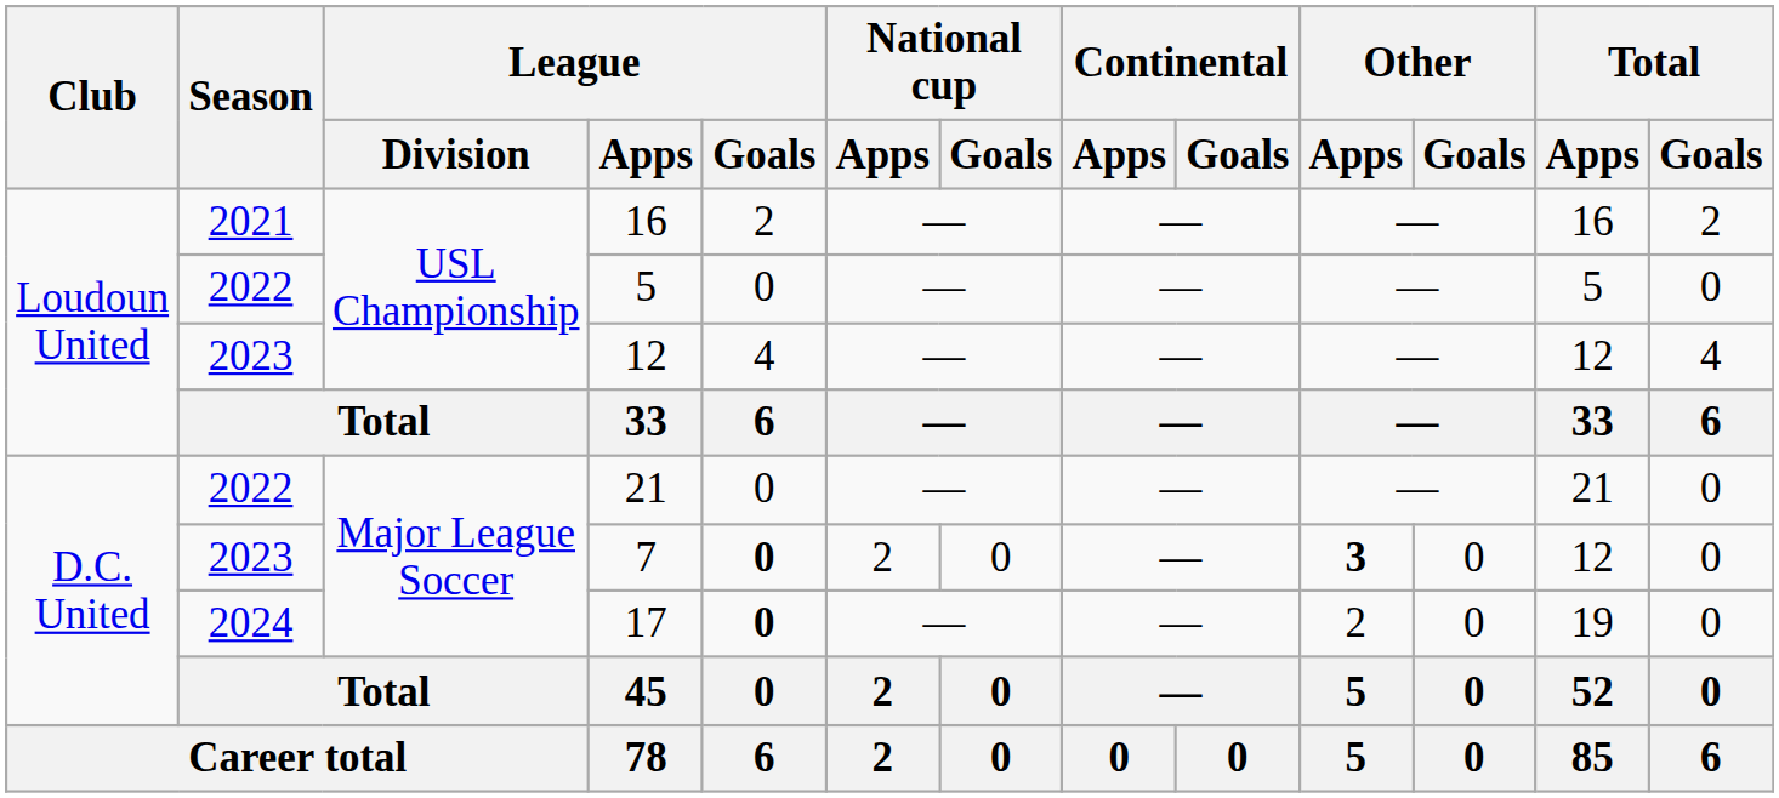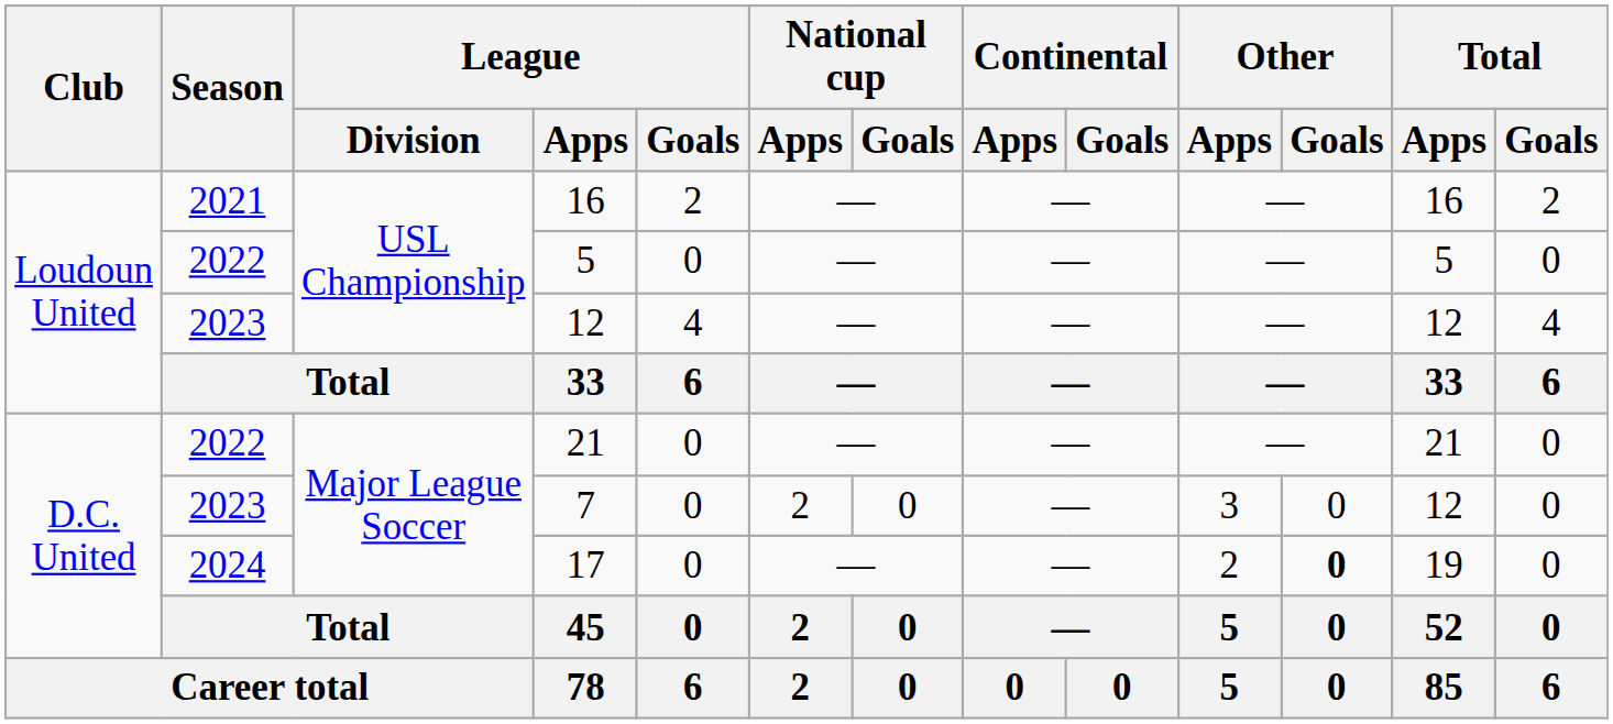 <table class=wikitable style=text-align:center>
 <tr>
 <th rowspan=2>Club</th>
 <th rowspan=2>Season</th>
 <th colspan=3>League</th>
 <th colspan=2>National cup</th>
 <th colspan=2>Continental</th>
 <th colspan=2>Other</th>
 <th colspan=2>Total</th>
 </tr>
 <tr>
 <th>Division</th>
 <th>Apps</th>
 <th>Goals</th>
 <th>Apps</th>
 <th>Goals</th>
 <th>Apps</th>
 <th>Goals</th>
 <th>Apps</th>
 <th>Goals</th>
 <th>Apps</th>
 <th>Goals</th>
 </tr>
 <tr>
 <td rowspan="4"><a href='#'>Loudoun United</a></td>
 <td><a href='#'>2021</a></td>
 <td rowspan="3"><a href='#'>USL Championship</a></td>
 <td>16</td>
 <td>2</td>
 <td colspan=2>—</td>
 <td colspan=2>—</td>
 <td colspan=2>—</td>
 <td>16</td>
 <td>2</td>
 </tr>
 <tr>
 <td><a href='#'>2022</a></td>
 <td>5</td>
 <td>0</td>
 <td colspan=2>—</td>
 <td colspan=2>—</td>
 <td colspan=2>—</td>
 <td>5</td>
 <td>0</td>
 </tr>
 <tr>
 <td><a href='#'>2023</a></td>
 <td>12</td>
 <td>4</td>
 <td colspan=2>—</td>
 <td colspan=2>—</td>
 <td colspan=2>—</td>
 <td>12</td>
 <td>4</td>
 </tr>
 <tr>
 <th colspan=2>Total</th>
 <th>33</th>
 <th>6</th>
 <th colspan=2>—</th>
 <th colspan=2>—</th>
 <th colspan=2>—</th>
 <th>33</th>
 <th>6</th>
 </tr>
 <tr>
 <td rowspan="4"><a href='#'>D.C. United</a></td>
 <td><a href='#'>2022</a></td>
 <td rowspan="3"><a href='#'>Major League Soccer</a></td>
 <td>21</td>
 <td>0</td>
 <td colspan=2>—</td>
 <td colspan=2>—</td>
 <td colspan=2>—</td>
 <td>21</td>
 <td>0</td>
 </tr>
 <tr>
 <td><a href='#'>2023</a></td>
 <td>7</td>
-<td><strong>0</strong></td>
+<td>0</td>
 <td>2</td>
 <td>0</td>
 <td colspan=2>—</td>
-<td><strong>3</strong></td>
+<td>3</td>
 <td>0</td>
 <td>12</td>
 <td>0</td>
 </tr>
 <tr>
 <td><a href='#'>2024</a></td>
 <td>17</td>
-<td><strong>0</strong></td>
+<td>0</td>
 <td colspan=2>—</td>
 <td colspan=2>—</td>
 <td>2</td>
-<td>0</td>
+<td><strong>0</strong></td>
 <td>19</td>
 <td>0</td>
 </tr>
 <tr>
 <th colspan=2>Total</th>
 <th>45</th>
 <th>0</th>
 <th>2</th>
 <th>0</th>
 <th colspan=2>—</th>
 <th>5</th>
 <th>0</th>
 <th>52</th>
 <th>0</th>
 </tr>
 <tr>
 <th colspan=3>Career total</th>
 <th>78</th>
 <th>6</th>
 <th>2</th>
 <th>0</th>
 <th>0</th>
 <th>0</th>
 <th>5</th>
 <th>0</th>
 <th>85</th>
 <th>6</th>
 </tr>
 </table>
